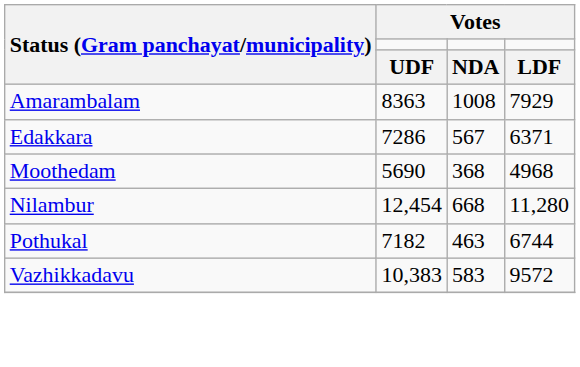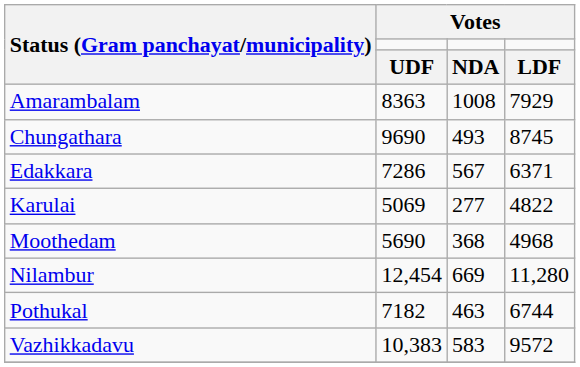 <table class="wikitable">
 <tr>
 <th rowspan="3">Status (<a href='#'>Gram panchayat</a>/<a href='#'>municipality</a>)</th>
 <th colspan="3">Votes</th>
 </tr>
 <tr>
 <td style="background:"></td>
 <td style="background:"></td>
 <td style="background:"></td>
 </tr>
 <tr>
 <th>UDF</th>
 <th>NDA</th>
 <th>LDF</th>
 </tr>
 <tr>
 <td><a href='#'>Amarambalam</a></td>
 <td>8363</td>
 <td>1008</td>
 <td>7929</td>
 </tr>
 <tr>
+<td><a href='#'>Chungathara</a></td>
+<td>9690</td>
+<td>493</td>
+<td>8745</td>
+</tr>
+<tr>
 <td><a href='#'>Edakkara</a></td>
 <td>7286</td>
 <td>567</td>
 <td>6371</td>
+</tr>
+<tr>
+<td><a href='#'>Karulai</a></td>
+<td>5069</td>
+<td>277</td>
+<td>4822</td>
 </tr>
 <tr>
 <td><a href='#'>Moothedam</a></td>
 <td>5690</td>
 <td>368</td>
 <td>4968</td>
 </tr>
 <tr>
 <td><a href='#'>Nilambur</a></td>
 <td>12,454</td>
-<td>668</td>
+<td>669</td>
 <td>11,280</td>
 </tr>
 <tr>
 <td><a href='#'>Pothukal</a></td>
 <td>7182</td>
 <td>463</td>
 <td>6744</td>
 </tr>
 <tr>
 <td><a href='#'>Vazhikkadavu</a></td>
 <td>10,383</td>
 <td>583</td>
 <td>9572</td>
 </tr>
 <tr>
 </tr>
 </table>
